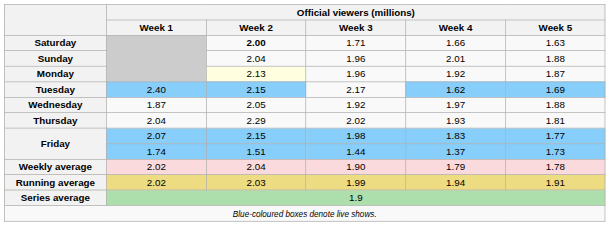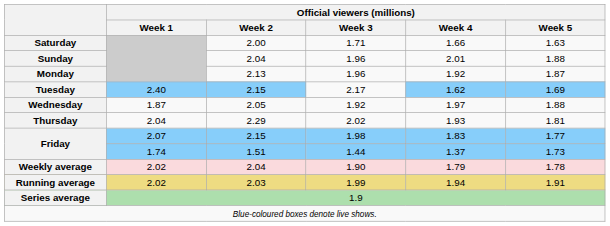 <table class="wikitable" style="font-size:90%; text-align:center; width: 70%; margin-left: auto; margin-right: auto;">
 <tr>
 <th scope="col" rowspan="2" style="width:17%;"></th>
 <th scope=col colspan=5>Official viewers (millions)</th>
 </tr>
 <tr>
 <th>Week 1</th>
 <th>Week 2</th>
 <th>Week 3</th>
 <th>Week 4</th>
 <th>Week 5</th>
 </tr>
 <tr>
 <th>Saturday</th>
 <td style="background:#ccc;" rowspan="3"></td>
-<td><strong>2.00</strong></td>
+<td>2.00</td>
 <td>1.71</td>
 <td>1.66</td>
 <td>1.63</td>
 </tr>
 <tr>
 <th>Sunday</th>
 <td>2.04</td>
 <td>1.96</td>
 <td>2.01</td>
 <td>1.88</td>
 </tr>
 <tr>
 <th>Monday</th>
-<td style="background: lightyellow;">2.13</td>
+<td>2.13</td>
 <td>1.96</td>
 <td>1.92</td>
 <td>1.87</td>
 </tr>
 <tr>
 <th>Tuesday</th>
 <td style="background:#87CEFA;">2.40</td>
 <td style="background:#87CEFA;">2.15</td>
 <td>2.17</td>
 <td style="background:#87CEFA;">1.62</td>
 <td style="background:#87CEFA;">1.69</td>
 </tr>
 <tr>
 <th>Wednesday</th>
 <td>1.87</td>
 <td>2.05</td>
 <td>1.92</td>
 <td>1.97</td>
 <td>1.88</td>
 </tr>
 <tr>
 <th>Thursday</th>
 <td>2.04</td>
 <td>2.29</td>
 <td>2.02</td>
 <td>1.93</td>
 <td>1.81</td>
 </tr>
 <tr>
 <th rowspan="2">Friday</th>
 <td style="background:#87CEFA;">2.07</td>
 <td style="background:#87CEFA;">2.15</td>
 <td style="background:#87CEFA;">1.98</td>
 <td style="background:#87CEFA;">1.83</td>
 <td style="background:#87CEFA;">1.77</td>
 </tr>
 <tr>
 <td style="background:#87CEFA;">1.74</td>
 <td style="background:#87CEFA;">1.51</td>
 <td style="background:#87CEFA;">1.44</td>
 <td style="background:#87CEFA;">1.37</td>
 <td style="background:#87CEFA;">1.73</td>
 </tr>
 <tr style="background:#FADADD;" |>
 <th>Weekly average</th>
 <td>2.02</td>
 <td>2.04</td>
 <td>1.90</td>
 <td>1.79</td>
 <td>1.78</td>
 </tr>
 <tr style="background:#EEDC82;" |>
 <th>Running average</th>
 <td>2.02</td>
 <td>2.03</td>
 <td>1.99</td>
 <td>1.94</td>
 <td>1.91</td>
 </tr>
 <tr style="background:#ADDFAD;" |>
 <th>Series average</th>
 <td colspan="5">1.9</td>
 </tr>
 <tr>
 <td colspan=6><small><em>Blue-coloured boxes denote live shows.</em></small></td>
 </tr>
 </table>
